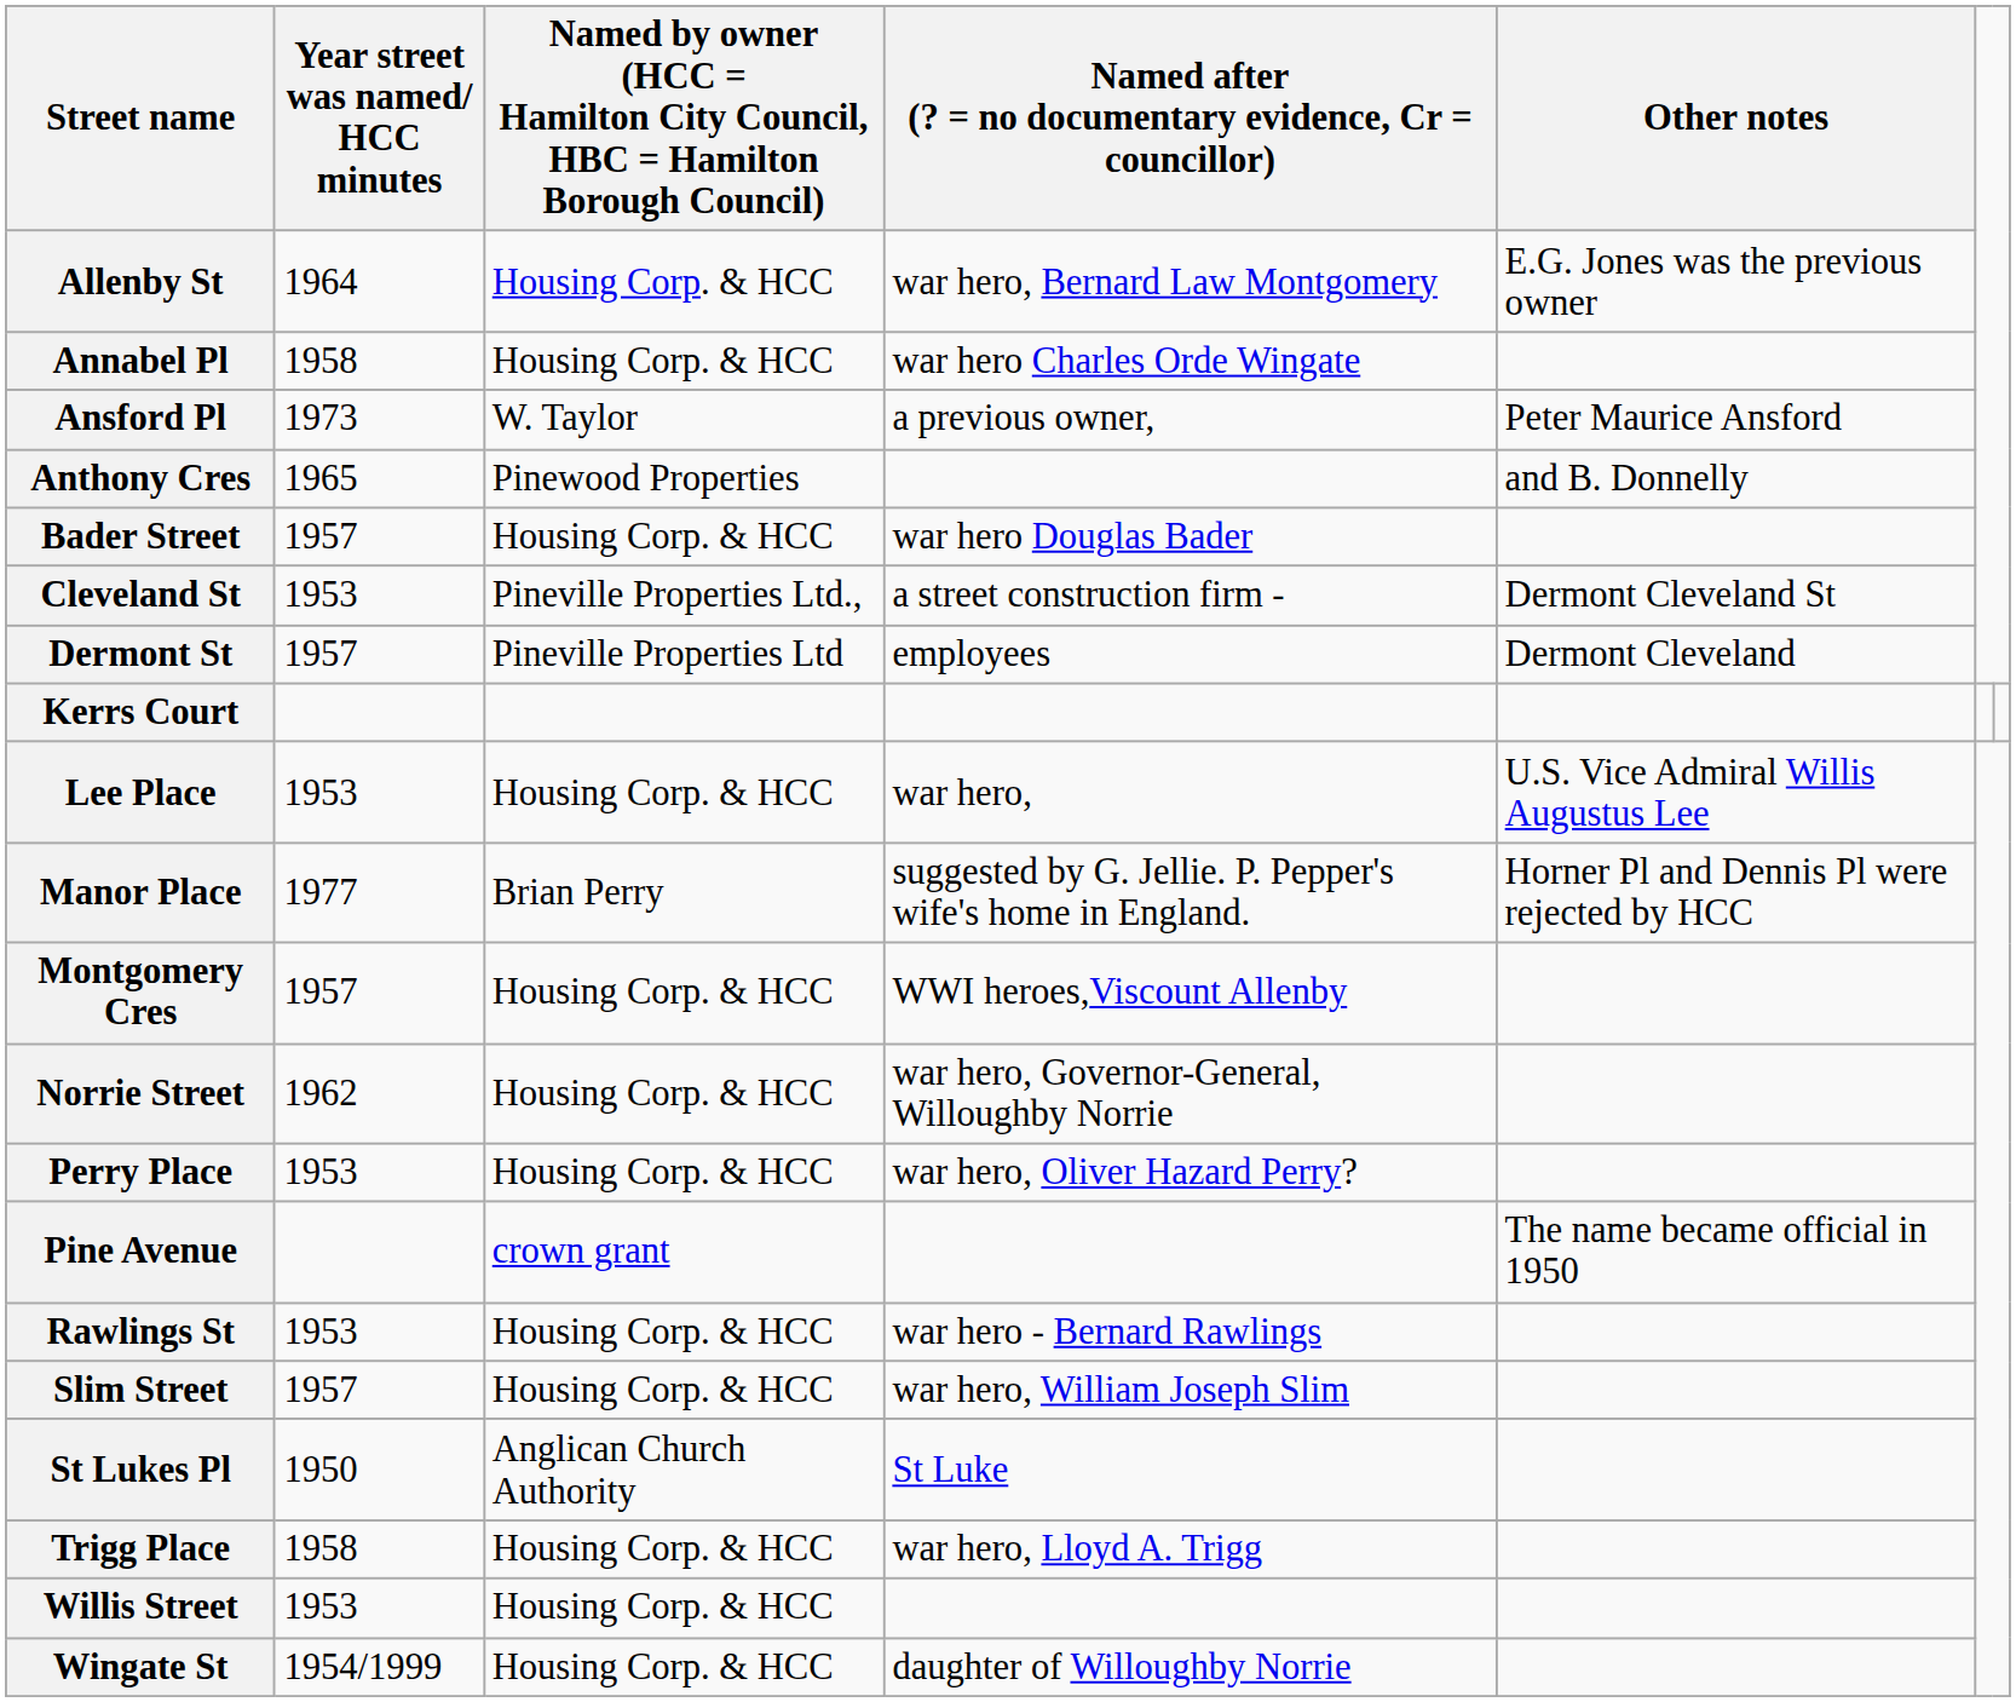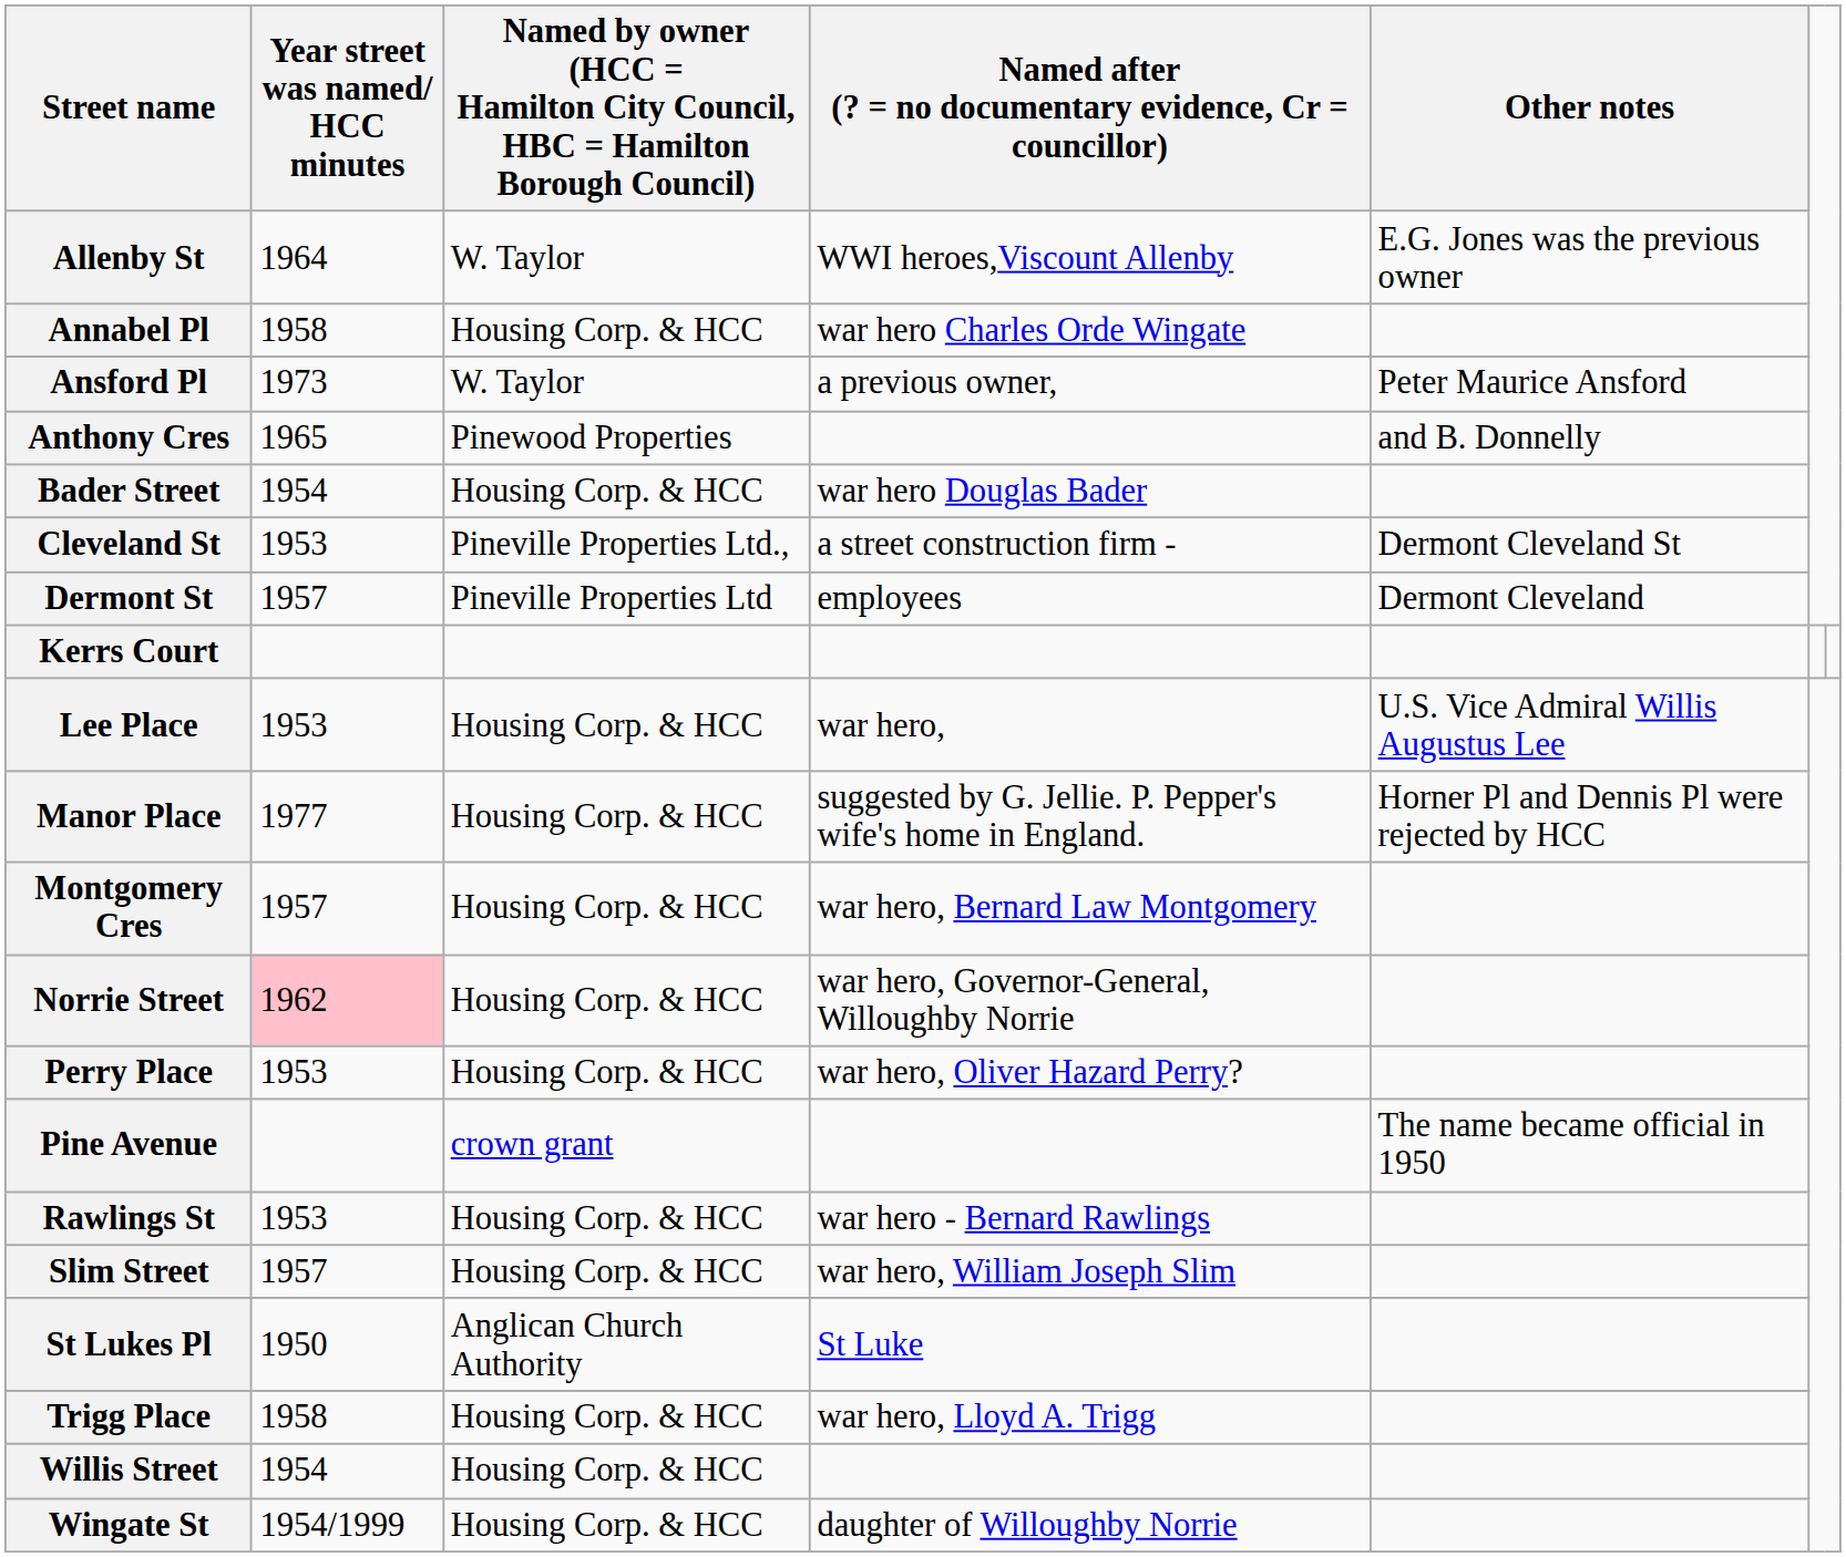 <table class="wikitable sortable" border="1">
 <tr>
 <th>Street name</th>
 <th><strong>Year street</strong><br><strong>was named/</strong><br><strong>HCC minutes</strong></th>
 <th><strong>Named by owner</strong><br><strong>(HCC =</strong><br><strong>Hamilton City Council,</strong><br><strong>HBC = Hamilton Borough Council)</strong></th>
 <th><strong>Named after</strong><br>(? = no documentary evidence, Cr = councillor)</th>
 <th><strong>Other notes</strong></th>
 </tr>
 <tr>
 <th>Allenby St</th>
 <td>1964</td>
-<td><a href='#'>Housing Corp</a>. & HCC</td>
-<td>war hero, <a href='#'>Bernard Law Montgomery</a></td>
+<td>W. Taylor</td>
+<td>WWI heroes,<a href='#'>Viscount Allenby</a></td>
 <td>E.G. Jones was the previous owner</td>
 </tr>
 <tr>
 <th>Annabel Pl</th>
 <td>1958</td>
 <td>Housing Corp. & HCC</td>
 <td>war hero <a href='#'>Charles Orde Wingate</a></td>
 <td></td>
 </tr>
 <tr>
 <th>Ansford Pl</th>
 <td>1973</td>
 <td>W. Taylor</td>
 <td>a previous owner,</td>
 <td>Peter Maurice Ansford</td>
 </tr>
 <tr>
 <th>Anthony Cres</th>
 <td>1965</td>
 <td>Pinewood Properties</td>
 <td></td>
 <td>and B. Donnelly</td>
 </tr>
 <tr>
 <th>Bader Street</th>
-<td>1957</td>
+<td>1954</td>
 <td>Housing Corp. & HCC</td>
 <td>war hero <a href='#'>Douglas Bader</a></td>
 <td></td>
 </tr>
 <tr>
 <th>Cleveland St</th>
 <td>1953</td>
 <td>Pineville Properties Ltd.,</td>
 <td>a street construction firm -</td>
 <td>Dermont Cleveland St</td>
 </tr>
 <tr>
 <th>Dermont St</th>
 <td>1957</td>
 <td>Pineville Properties Ltd</td>
 <td>employees</td>
 <td>Dermont Cleveland</td>
 </tr>
 <tr>
 <th>Kerrs Court</th>
 <td></td>
 <td></td>
 <td></td>
 <td></td>
 <td></td>
 <td></td>
 </tr>
 <tr>
 <th>Lee Place</th>
 <td>1953</td>
 <td>Housing Corp. & HCC</td>
 <td>war hero,</td>
 <td>U.S. Vice Admiral <a href='#'>Willis Augustus Lee</a></td>
 </tr>
 <tr>
 <th>Manor Place</th>
 <td>1977</td>
-<td>Brian Perry</td>
+<td>Housing Corp. & HCC</td>
 <td>suggested by G. Jellie. P. Pepper's wife's home in England.</td>
 <td>Horner Pl and Dennis Pl were rejected by HCC</td>
 </tr>
 <tr>
 <th>Montgomery Cres</th>
 <td>1957</td>
 <td>Housing Corp. & HCC</td>
-<td>WWI heroes,<a href='#'>Viscount Allenby</a></td>
+<td>war hero, <a href='#'>Bernard Law Montgomery</a></td>
 <td></td>
 </tr>
 <tr>
 <th>Norrie Street</th>
-<td>1962</td>
+<td style="background: pink;">1962</td>
 <td>Housing Corp. & HCC</td>
 <td>war hero, Governor-General, Willoughby Norrie</td>
 <td></td>
 </tr>
 <tr>
 <th>Perry Place</th>
 <td>1953</td>
 <td>Housing Corp. & HCC</td>
 <td>war hero, <a href='#'>Oliver Hazard Perry</a>?</td>
 <td></td>
 </tr>
 <tr>
 <th>Pine Avenue</th>
 <td></td>
 <td><a href='#'>crown grant</a></td>
 <td></td>
 <td>The name became official in 1950</td>
 </tr>
 <tr>
 <th>Rawlings St</th>
 <td>1953</td>
 <td>Housing Corp. & HCC</td>
 <td>war hero - <a href='#'>Bernard Rawlings</a></td>
 <td></td>
 </tr>
 <tr>
 <th>Slim Street</th>
 <td>1957</td>
 <td>Housing Corp. & HCC</td>
 <td>war hero, <a href='#'>William Joseph Slim</a></td>
 <td></td>
 </tr>
 <tr>
 <th>St Lukes Pl</th>
 <td>1950</td>
 <td>Anglican Church Authority</td>
 <td><a href='#'>St Luke</a></td>
 <td></td>
 </tr>
 <tr>
 <th>Trigg Place</th>
 <td>1958</td>
 <td>Housing Corp. & HCC</td>
 <td>war hero, <a href='#'>Lloyd A. Trigg</a></td>
 <td></td>
 </tr>
 <tr>
 <th>Willis Street</th>
-<td>1953</td>
+<td>1954</td>
 <td>Housing Corp. & HCC</td>
 <td></td>
 <td></td>
 </tr>
 <tr>
 <th>Wingate St</th>
 <td>1954/1999</td>
 <td>Housing Corp. & HCC</td>
 <td>daughter of <a href='#'>Willoughby Norrie</a></td>
 <td></td>
 </tr>
 </table>
